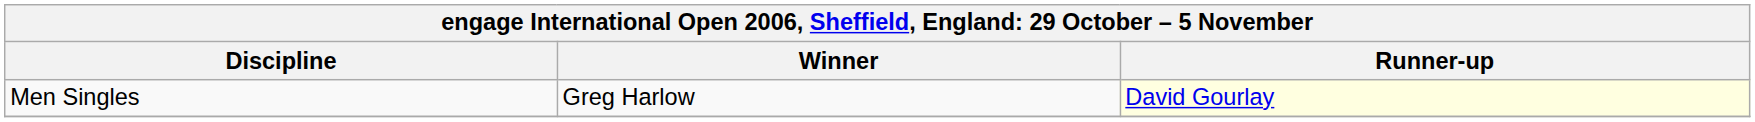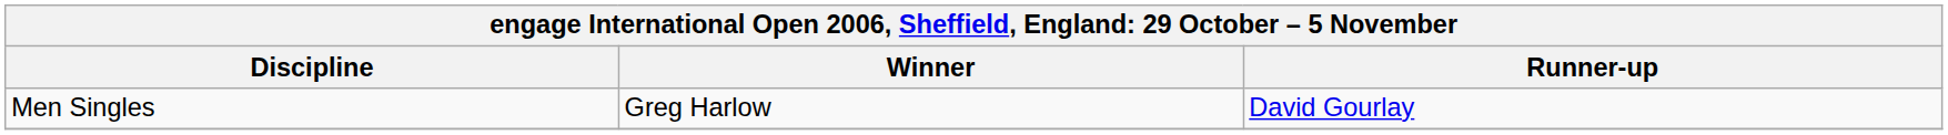 <table class="wikitable" width="75%">
 <tr>
 <th colspan="3">engage International Open 2006, <a href='#'>Sheffield</a>, England: 29 October – 5 November</th>
 </tr>
 <tr>
 <th>Discipline</th>
 <th>Winner</th>
 <th>Runner-up</th>
 </tr>
 <tr>
 <td>Men Singles</td>
 <td> Greg Harlow</td>
-<td style="background: lightyellow;"> <a href='#'>David Gourlay</a></td>
+<td> <a href='#'>David Gourlay</a></td>
 </tr>
 <tr>
 </tr>
 </table>
